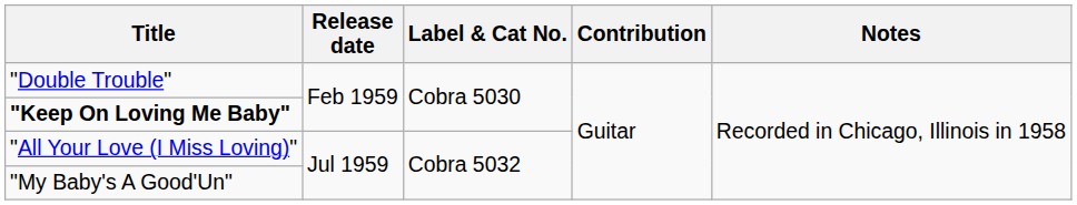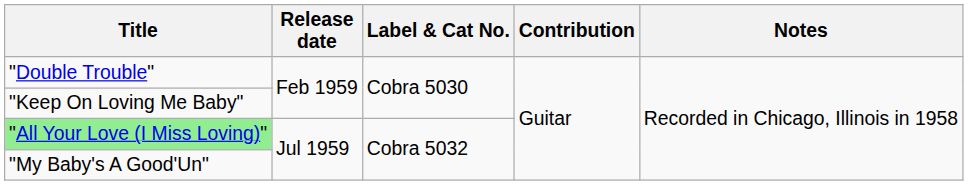 <table class="wikitable">
 <tr>
 <th>Title</th>
 <th>Release<br>date</th>
 <th>Label & Cat No.</th>
 <th>Contribution</th>
 <th>Notes</th>
 </tr>
 <tr>
 <td>"<a href='#'>Double Trouble</a>"</td>
 <td rowspan="2">Feb 1959</td>
 <td rowspan="2">Cobra 5030</td>
 <td rowspan="4">Guitar</td>
 <td rowspan="4">Recorded in Chicago, Illinois in 1958</td>
 </tr>
 <tr>
-<td><strong>"Keep On Loving Me Baby"</strong></td>
+<td>"Keep On Loving Me Baby"</td>
 </tr>
 <tr>
-<td>"<a href='#'>All Your Love (I Miss Loving)</a>"</td>
+<td style="background: lightgreen;">"<a href='#'>All Your Love (I Miss Loving)</a>"</td>
 <td rowspan="2">Jul 1959</td>
 <td rowspan="2">Cobra 5032</td>
 </tr>
 <tr>
 <td>"My Baby's A Good'Un"</td>
 </tr>
 </table>
